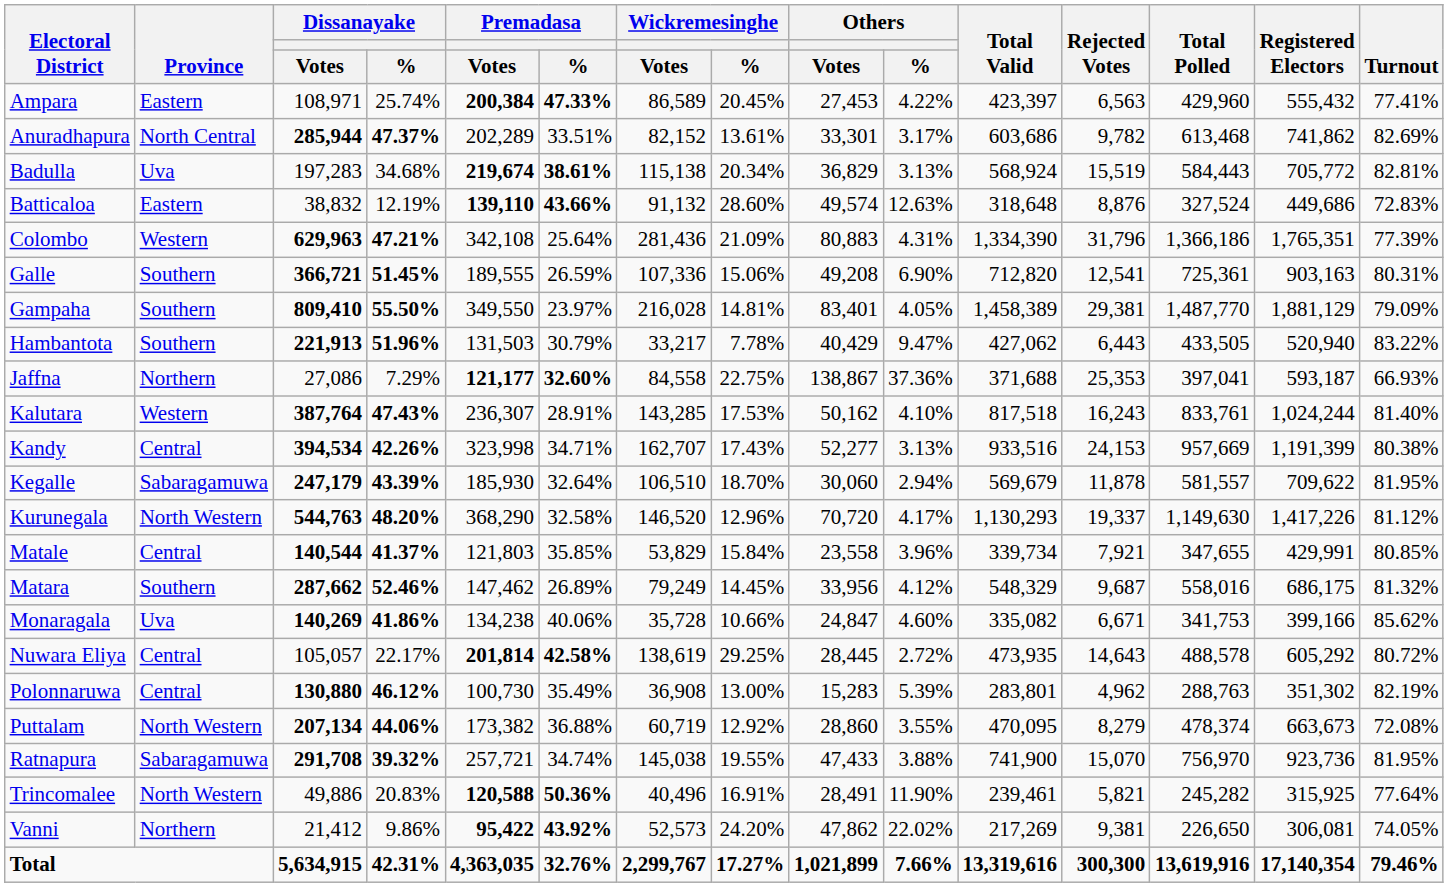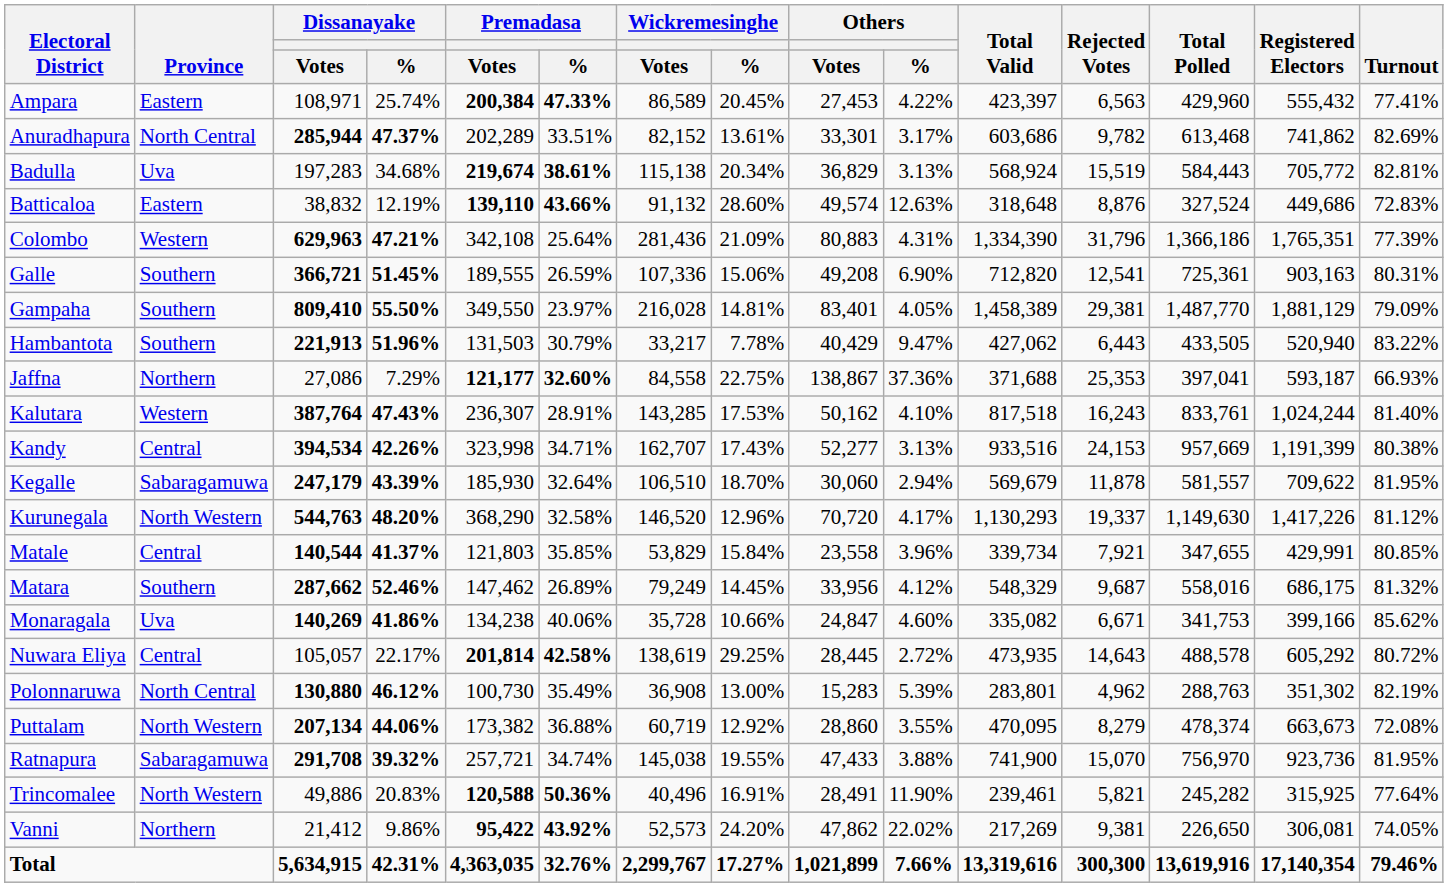 <table class="wikitable plainrowheaders sortable" style="font-size:90%; text-align:right;">
 <tr>
 <th valign=bottom rowspan=3><a href='#'>Electoral<br>District</a></th>
 <th valign=bottom rowspan=3><a href='#'>Province</a></th>
 <th colspan=2><a href='#'>Dissanayake</a></th>
 <th colspan=2><a href='#'>Premadasa</a></th>
 <th colspan=2><a href='#'>Wickremesinghe</a></th>
 <th colspan=2>Others</th>
 <th valign=bottom rowspan=3>Total<br>Valid</th>
 <th valign=bottom rowspan=3>Rejected<br>Votes</th>
 <th valign=bottom rowspan=3>Total<br>Polled</th>
 <th valign=bottom rowspan=3>Registered<br>Electors</th>
 <th valign=bottom rowspan=3>Turnout</th>
 </tr>
 <tr>
 <th colspan=2 style="background:"></th>
 <th colspan=2 style="background:"></th>
 <th colspan=2 style="background:"></th>
 <th colspan=2></th>
 </tr>
 <tr>
 <th>Votes</th>
 <th align=center>%</th>
 <th>Votes</th>
 <th align=center>%</th>
 <th>Votes</th>
 <th align=center>%</th>
 <th>Votes</th>
 <th align=center>%</th>
 </tr>
 <tr>
 <td align=left><a href='#'>Ampara</a></td>
 <td align=left><a href='#'>Eastern</a></td>
 <td>108,971</td>
 <td>25.74%</td>
 <td><strong>200,384</strong></td>
 <td><strong>47.33%</strong></td>
 <td>86,589</td>
 <td>20.45%</td>
 <td>27,453</td>
 <td>4.22%</td>
 <td>423,397</td>
 <td>6,563</td>
 <td>429,960</td>
 <td>555,432</td>
 <td>77.41%</td>
 </tr>
 <tr>
 <td align=left><a href='#'>Anuradhapura</a></td>
 <td align=left><a href='#'>North Central</a></td>
 <td><strong>285,944</strong></td>
 <td><strong>47.37%</strong></td>
 <td>202,289</td>
 <td>33.51%</td>
 <td>82,152</td>
 <td>13.61%</td>
 <td>33,301</td>
 <td>3.17%</td>
 <td>603,686</td>
 <td>9,782</td>
 <td>613,468</td>
 <td>741,862</td>
 <td>82.69%</td>
 </tr>
 <tr>
 <td align=left><a href='#'>Badulla</a></td>
 <td align=left><a href='#'>Uva</a></td>
 <td>197,283</td>
 <td>34.68%</td>
 <td><strong>219,674</strong></td>
 <td><strong>38.61%</strong></td>
 <td>115,138</td>
 <td>20.34%</td>
 <td>36,829</td>
 <td>3.13%</td>
 <td>568,924</td>
 <td>15,519</td>
 <td>584,443</td>
 <td>705,772</td>
 <td>82.81%</td>
 </tr>
 <tr>
 <td align=left><a href='#'>Batticaloa</a></td>
 <td align=left><a href='#'>Eastern</a></td>
 <td>38,832</td>
 <td>12.19%</td>
 <td><strong>139,110</strong></td>
 <td><strong>43.66%</strong></td>
 <td>91,132</td>
 <td>28.60%</td>
 <td>49,574</td>
 <td>12.63%</td>
 <td>318,648</td>
 <td>8,876</td>
 <td>327,524</td>
 <td>449,686</td>
 <td>72.83%</td>
 </tr>
 <tr>
 <td align=left><a href='#'>Colombo</a></td>
 <td align=left><a href='#'>Western</a></td>
 <td><strong>629,963</strong></td>
 <td><strong>47.21%</strong></td>
 <td>342,108</td>
 <td>25.64%</td>
 <td>281,436</td>
 <td>21.09%</td>
 <td>80,883</td>
 <td>4.31%</td>
 <td>1,334,390</td>
 <td>31,796</td>
 <td>1,366,186</td>
 <td>1,765,351</td>
 <td>77.39%</td>
 </tr>
 <tr>
 <td align=left><a href='#'>Galle</a></td>
 <td align=left><a href='#'>Southern</a></td>
 <td><strong>366,721</strong></td>
 <td><strong>51.45%</strong></td>
 <td>189,555</td>
 <td>26.59%</td>
 <td>107,336</td>
 <td>15.06%</td>
 <td>49,208</td>
 <td>6.90%</td>
 <td>712,820</td>
 <td>12,541</td>
 <td>725,361</td>
 <td>903,163</td>
 <td>80.31%</td>
 </tr>
 <tr>
 <td align=left><a href='#'>Gampaha</a></td>
 <td align=left><a href='#'>Southern</a></td>
 <td><strong>809,410</strong></td>
 <td><strong>55.50%</strong></td>
 <td>349,550</td>
 <td>23.97%</td>
 <td>216,028</td>
 <td>14.81%</td>
 <td>83,401</td>
 <td>4.05%</td>
 <td>1,458,389</td>
 <td>29,381</td>
 <td>1,487,770</td>
 <td>1,881,129</td>
 <td>79.09%</td>
 </tr>
 <tr>
 <td align=left><a href='#'>Hambantota</a></td>
 <td align=left><a href='#'>Southern</a></td>
 <td><strong>221,913</strong></td>
 <td><strong>51.96%</strong></td>
 <td>131,503</td>
 <td>30.79%</td>
 <td>33,217</td>
 <td>7.78%</td>
 <td>40,429</td>
 <td>9.47%</td>
 <td>427,062</td>
 <td>6,443</td>
 <td>433,505</td>
 <td>520,940</td>
 <td>83.22%</td>
 </tr>
 <tr>
 <td align=left><a href='#'>Jaffna</a></td>
 <td align=left><a href='#'>Northern</a></td>
 <td>27,086</td>
 <td>7.29%</td>
 <td><strong>121,177</strong></td>
 <td><strong>32.60%</strong></td>
 <td>84,558</td>
 <td>22.75%</td>
 <td>138,867</td>
 <td>37.36%</td>
 <td>371,688</td>
 <td>25,353</td>
 <td>397,041</td>
 <td>593,187</td>
 <td>66.93%</td>
 </tr>
 <tr>
 <td align=left><a href='#'>Kalutara</a></td>
 <td align=left><a href='#'>Western</a></td>
 <td><strong>387,764</strong></td>
 <td><strong>47.43%</strong></td>
 <td>236,307</td>
 <td>28.91%</td>
 <td>143,285</td>
 <td>17.53%</td>
 <td>50,162</td>
 <td>4.10%</td>
 <td>817,518</td>
 <td>16,243</td>
 <td>833,761</td>
 <td>1,024,244</td>
 <td>81.40%</td>
 </tr>
 <tr>
 <td align=left><a href='#'>Kandy</a></td>
 <td align=left><a href='#'>Central</a></td>
 <td><strong>394,534</strong></td>
 <td><strong>42.26%</strong></td>
 <td>323,998</td>
 <td>34.71%</td>
 <td>162,707</td>
 <td>17.43%</td>
 <td>52,277</td>
 <td>3.13%</td>
 <td>933,516</td>
 <td>24,153</td>
 <td>957,669</td>
 <td>1,191,399</td>
 <td>80.38%</td>
 </tr>
 <tr>
 <td align=left><a href='#'>Kegalle</a></td>
 <td align=left><a href='#'>Sabaragamuwa</a></td>
 <td><strong>247,179</strong></td>
 <td><strong>43.39%</strong></td>
 <td>185,930</td>
 <td>32.64%</td>
 <td>106,510</td>
 <td>18.70%</td>
 <td>30,060</td>
 <td>2.94%</td>
 <td>569,679</td>
 <td>11,878</td>
 <td>581,557</td>
 <td>709,622</td>
 <td>81.95%</td>
 </tr>
 <tr>
 <td align=left><a href='#'>Kurunegala</a></td>
 <td align=left><a href='#'>North Western</a></td>
 <td><strong>544,763</strong></td>
 <td><strong>48.20%</strong></td>
 <td>368,290</td>
 <td>32.58%</td>
 <td>146,520</td>
 <td>12.96%</td>
 <td>70,720</td>
 <td>4.17%</td>
 <td>1,130,293</td>
 <td>19,337</td>
 <td>1,149,630</td>
 <td>1,417,226</td>
 <td>81.12%</td>
 </tr>
 <tr>
 <td align=left><a href='#'>Matale</a></td>
 <td align=left><a href='#'>Central</a></td>
 <td><strong>140,544</strong></td>
 <td><strong>41.37%</strong></td>
 <td>121,803</td>
 <td>35.85%</td>
 <td>53,829</td>
 <td>15.84%</td>
 <td>23,558</td>
 <td>3.96%</td>
 <td>339,734</td>
 <td>7,921</td>
 <td>347,655</td>
 <td>429,991</td>
 <td>80.85%</td>
 </tr>
 <tr>
 <td align=left><a href='#'>Matara</a></td>
 <td align=left><a href='#'>Southern</a></td>
 <td><strong>287,662</strong></td>
 <td><strong>52.46%</strong></td>
 <td>147,462</td>
 <td>26.89%</td>
 <td>79,249</td>
 <td>14.45%</td>
 <td>33,956</td>
 <td>4.12%</td>
 <td>548,329</td>
 <td>9,687</td>
 <td>558,016</td>
 <td>686,175</td>
 <td>81.32%</td>
 </tr>
 <tr>
 <td align=left><a href='#'>Monaragala</a></td>
 <td align=left><a href='#'>Uva</a></td>
 <td><strong>140,269</strong></td>
 <td><strong>41.86%</strong></td>
 <td>134,238</td>
 <td>40.06%</td>
 <td>35,728</td>
 <td>10.66%</td>
 <td>24,847</td>
 <td>4.60%</td>
 <td>335,082</td>
 <td>6,671</td>
 <td>341,753</td>
 <td>399,166</td>
 <td>85.62%</td>
 </tr>
 <tr>
 <td align=left><a href='#'>Nuwara Eliya</a></td>
 <td align=left><a href='#'>Central</a></td>
 <td>105,057</td>
 <td>22.17%</td>
 <td><strong>201,814</strong></td>
 <td><strong>42.58%</strong></td>
 <td>138,619</td>
 <td>29.25%</td>
 <td>28,445</td>
 <td>2.72%</td>
 <td>473,935</td>
 <td>14,643</td>
 <td>488,578</td>
 <td>605,292</td>
 <td>80.72%</td>
 </tr>
 <tr>
 <td align=left><a href='#'>Polonnaruwa</a></td>
-<td align=left><a href='#'>Central</a></td>
+<td align=left><a href='#'>North Central</a></td>
 <td><strong>130,880</strong></td>
 <td><strong>46.12%</strong></td>
 <td>100,730</td>
 <td>35.49%</td>
 <td>36,908</td>
 <td>13.00%</td>
 <td>15,283</td>
 <td>5.39%</td>
 <td>283,801</td>
 <td>4,962</td>
 <td>288,763</td>
 <td>351,302</td>
 <td>82.19%</td>
 </tr>
 <tr>
 <td align=left><a href='#'>Puttalam</a></td>
 <td align=left><a href='#'>North Western</a></td>
 <td><strong>207,134</strong></td>
 <td><strong>44.06%</strong></td>
 <td>173,382</td>
 <td>36.88%</td>
 <td>60,719</td>
 <td>12.92%</td>
 <td>28,860</td>
 <td>3.55%</td>
 <td>470,095</td>
 <td>8,279</td>
 <td>478,374</td>
 <td>663,673</td>
 <td>72.08%</td>
 </tr>
 <tr>
 <td align=left><a href='#'>Ratnapura</a></td>
 <td align=left><a href='#'>Sabaragamuwa</a></td>
 <td><strong>291,708</strong></td>
 <td><strong>39.32%</strong></td>
 <td>257,721</td>
 <td>34.74%</td>
 <td>145,038</td>
 <td>19.55%</td>
 <td>47,433</td>
 <td>3.88%</td>
 <td>741,900</td>
 <td>15,070</td>
 <td>756,970</td>
 <td>923,736</td>
 <td>81.95%</td>
 </tr>
 <tr>
 <td align=left><a href='#'>Trincomalee</a></td>
 <td align=left><a href='#'>North Western</a></td>
 <td>49,886</td>
 <td>20.83%</td>
 <td><strong>120,588</strong></td>
 <td><strong>50.36%</strong></td>
 <td>40,496</td>
 <td>16.91%</td>
 <td>28,491</td>
 <td>11.90%</td>
 <td>239,461</td>
 <td>5,821</td>
 <td>245,282</td>
 <td>315,925</td>
 <td>77.64%</td>
 </tr>
 <tr>
 <td align=left><a href='#'>Vanni</a></td>
 <td align=left><a href='#'>Northern</a></td>
 <td>21,412</td>
 <td>9.86%</td>
 <td><strong>95,422</strong></td>
 <td><strong>43.92%</strong></td>
 <td>52,573</td>
 <td>24.20%</td>
 <td>47,862</td>
 <td>22.02%</td>
 <td>217,269</td>
 <td>9,381</td>
 <td>226,650</td>
 <td>306,081</td>
 <td>74.05%</td>
 </tr>
 <tr class="sortbottom" style="font-weight:bold">
 <td colspan=2 align=left>Total</td>
 <td>5,634,915</td>
 <td>42.31%</td>
 <td>4,363,035</td>
 <td>32.76%</td>
 <td>2,299,767</td>
 <td>17.27%</td>
 <td>1,021,899</td>
 <td>7.66%</td>
 <td>13,319,616</td>
 <td>300,300</td>
 <td>13,619,916</td>
 <td>17,140,354</td>
 <td>79.46%</td>
 </tr>
 </table>
